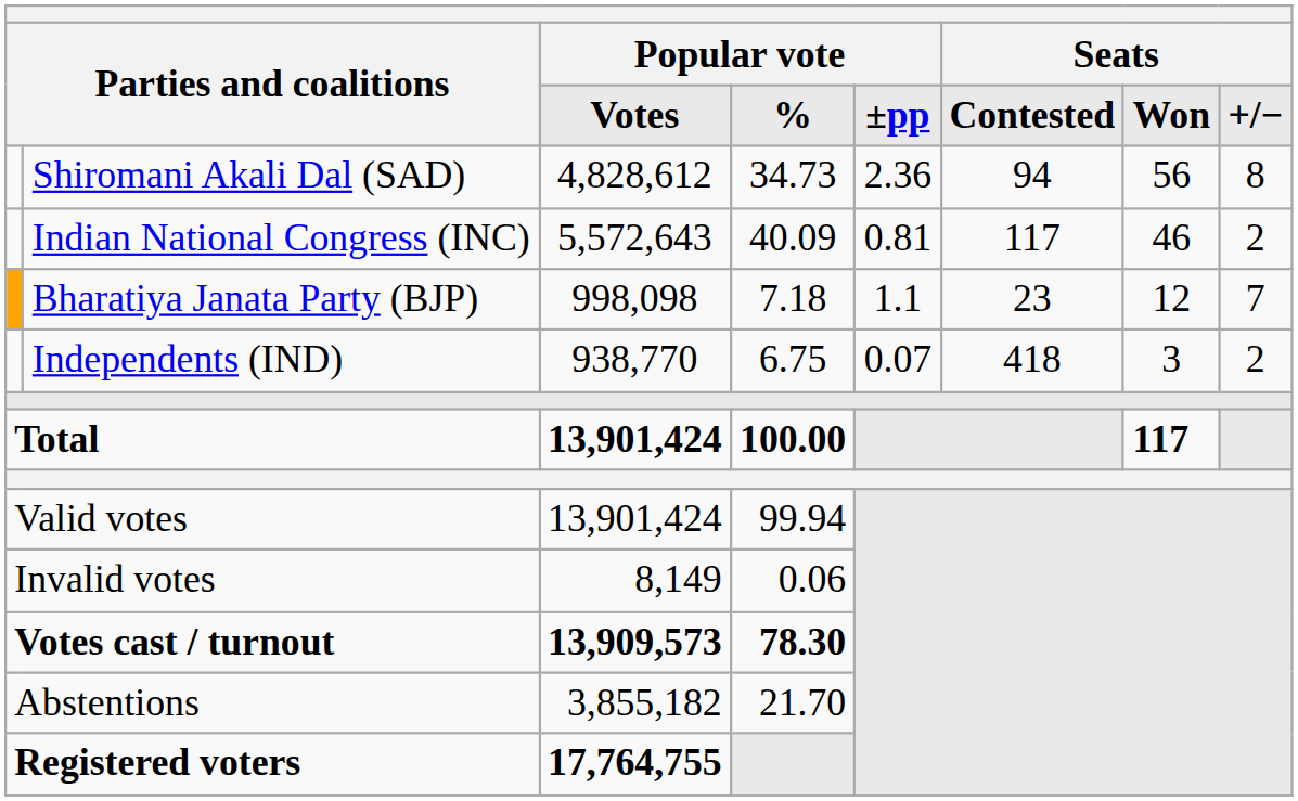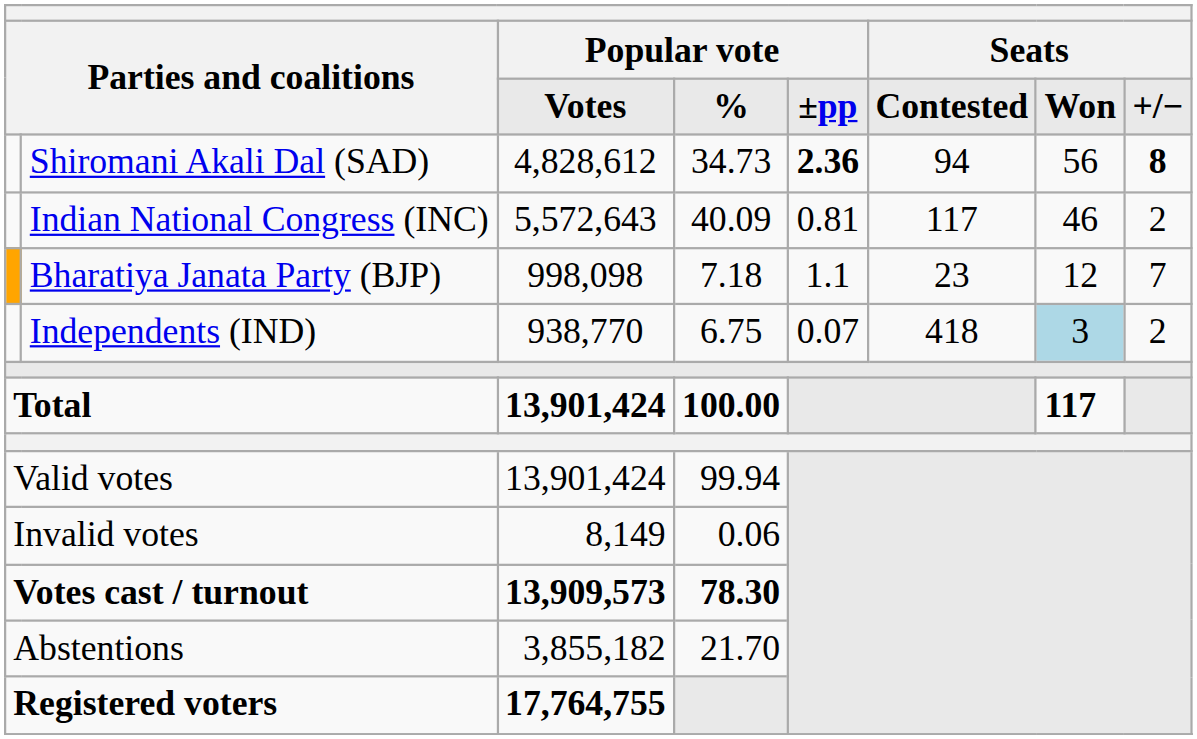 <table class="wikitable sortable">
 <tr>
 <th colspan=10></th>
 </tr>
 <tr style="background:#e9e9e9; text-align:center;">
 <th colspan="2" rowspan="2"><strong>Parties and coalitions</strong></th>
 <th colspan="3">Popular vote</th>
 <th colspan="3">Seats</th>
 </tr>
 <tr>
 <th style="background-color:#E9E9E9;text-align:center;">Votes</th>
 <th style="background-color:#E9E9E9;text-align:center;">%</th>
 <th style="background-color:#E9E9E9;text-align:center;"><strong>±</strong><a href='#'>pp</a></th>
 <th style="background-color:#E9E9E9;text-align:center;">Contested</th>
 <th style="background-color:#E9E9E9;text-align:center;">Won</th>
 <th style="background-color:#E9E9E9;text-align:center;"><strong>+/−</strong></th>
 </tr>
 <tr>
 <td></td>
 <td style="text-align:left;"><a href='#'>Shiromani Akali Dal</a> (SAD)</td>
 <td style="text-align:center;">4,828,612</td>
 <td style="text-align:center;">34.73</td>
-<td style="text-align:center;">2.36</td>
+<td style="text-align:center;"><strong>2.36</strong></td>
 <td style="text-align:center;">94</td>
 <td style="text-align:center;">56</td>
-<td style="text-align:center;">8</td>
+<td style="text-align:center;"><strong>8</strong></td>
 </tr>
 <tr>
 <td></td>
 <td style="text-align:left;"><a href='#'>Indian National Congress</a> (INC)</td>
 <td style="text-align:center;">5,572,643</td>
 <td style="text-align:center;">40.09</td>
 <td style="text-align:center;">0.81</td>
 <td style="text-align:center;">117</td>
 <td style="text-align:center;">46</td>
 <td style="text-align:center;">2</td>
 </tr>
 <tr>
 <td bgcolor="orange"></td>
 <td style="text-align:left;"><a href='#'>Bharatiya Janata Party</a> (BJP)</td>
 <td style="text-align:center;">998,098</td>
 <td style="text-align:center;">7.18</td>
 <td style="text-align:center;">1.1</td>
 <td style="text-align:center;">23</td>
 <td style="text-align:center;">12</td>
 <td style="text-align:center;">7</td>
 </tr>
 <tr>
 <td></td>
 <td style="text-align:left;"><a href='#'>Independents</a> (IND)</td>
 <td style="text-align:center;">938,770</td>
 <td style="text-align:center;">6.75</td>
 <td style="text-align:center;">0.07</td>
 <td style="text-align:center;">418</td>
-<td style="text-align:center;">3</td>
+<td style="background: lightblue; text-align:center;">3</td>
 <td style="text-align:center;">2</td>
 </tr>
 <tr>
 <td colspan="8" bgcolor="#E9E9E9"></td>
 </tr>
 <tr style="font-weight:bold;">
 <td align="left" colspan="2">Total</td>
 <td>13,901,424</td>
 <td>100.00</td>
 <td colspan="2" bgcolor="#E9E9E9"></td>
 <td>117</td>
 <td colspan="2" bgcolor="#E9E9E9"></td>
 </tr>
 <tr>
 <th colspan="9"></th>
 </tr>
 <tr>
 <td style="text-align:left;" colspan="2">Valid votes</td>
 <td align="right">13,901,424</td>
 <td align="right">99.94</td>
 <td colspan="4" rowspan="5" style="background-color:#E9E9E9"></td>
 </tr>
 <tr>
 <td style="text-align:left;" colspan="2">Invalid votes</td>
 <td align="right">8,149</td>
 <td align="right">0.06</td>
 </tr>
 <tr>
 <td style="text-align:left;" colspan="2"><strong>Votes cast / turnout</strong></td>
 <td align="right"><strong>13,909,573</strong></td>
 <td align="right"><strong>78.30</strong></td>
 </tr>
 <tr>
 <td style="text-align:left;" colspan="2">Abstentions</td>
 <td align="right">3,855,182</td>
 <td align="right">21.70</td>
 </tr>
 <tr>
 <td style="text-align:left;" colspan="2"><strong>Registered voters</strong></td>
 <td align="right"><strong>17,764,755</strong></td>
 <td colspan="1" style="background-color:#E9E9E9"></td>
 </tr>
 <tr>
 </tr>
 <tr>
 </tr>
 </table>
